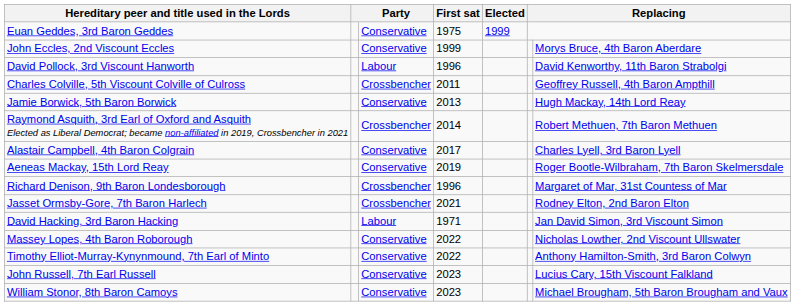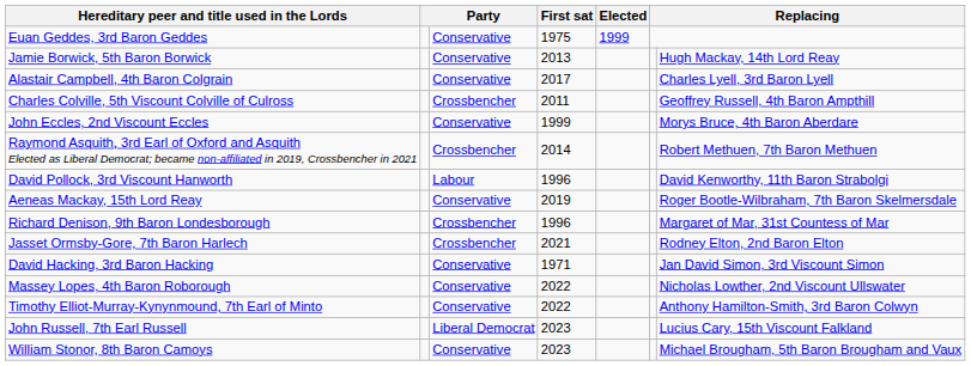 <table class="sortable wikitable">
 <tr>
 <th>Hereditary peer and title used in the Lords</th>
 <th class="unsortable"> </th>
 <th style="border-left-style: hidden;">Party</th>
 <th>First sat</th>
 <th>Elected</th>
 <th colspan=2>Replacing</th>
 </tr>
 <tr>
 <td><a href='#'>Euan Geddes, 3rd Baron Geddes</a></td>
 <td style="background-color: "></td>
 <td><a href='#'>Conservative</a></td>
 <td>1975</td>
 <td><a href='#'>1999</a></td>
 <td colspan=2></td>
 </tr>
 <tr>
-<td><a href='#'>John Eccles, 2nd Viscount Eccles</a><br></td>
+<td><a href='#'>Jamie Borwick, 5th Baron Borwick</a></td>
 <td style="background-color: "></td>
 <td><a href='#'>Conservative</a></td>
-<td>1999</td>
+<td>2013</td>
 <td></td>
 <td style="background-color: "></td>
-<td><a href='#'>Morys Bruce, 4th Baron Aberdare</a></td>
+<td><a href='#'>Hugh Mackay, 14th Lord Reay</a></td>
 </tr>
 <tr>
-<td><a href='#'>David Pollock, 3rd Viscount Hanworth</a><br></td>
+<td><a href='#'>Alastair Campbell, 4th Baron Colgrain</a></td>
 <td style="background-color: "></td>
-<td><a href='#'>Labour</a></td>
-<td>1996</td>
+<td><a href='#'>Conservative</a></td>
+<td>2017</td>
 <td></td>
 <td style="background-color: "></td>
-<td><a href='#'>David Kenworthy, 11th Baron Strabolgi</a></td>
+<td><a href='#'>Charles Lyell, 3rd Baron Lyell</a></td>
 </tr>
 <tr>
 <td><a href='#'>Charles Colville, 5th Viscount Colville of Culross</a></td>
 <td style="background-color: "></td>
 <td><a href='#'>Crossbencher</a></td>
 <td>2011</td>
 <td></td>
 <td style="background-color: "></td>
 <td><a href='#'>Geoffrey Russell, 4th Baron Ampthill</a></td>
 </tr>
 <tr>
-<td><a href='#'>Jamie Borwick, 5th Baron Borwick</a></td>
+<td><a href='#'>John Eccles, 2nd Viscount Eccles</a><br></td>
 <td style="background-color: "></td>
 <td><a href='#'>Conservative</a></td>
-<td>2013</td>
+<td>1999</td>
 <td></td>
 <td style="background-color: "></td>
-<td><a href='#'>Hugh Mackay, 14th Lord Reay</a></td>
+<td><a href='#'>Morys Bruce, 4th Baron Aberdare</a></td>
 </tr>
 <tr>
 <td><a href='#'>Raymond Asquith, 3rd Earl of Oxford and Asquith</a><br><small><em>Elected as Liberal Democrat; became <a href='#'>non-affiliated</a> in 2019, Crossbencher in 2021</em></small></td>
 <td style="background-color: "></td>
 <td><a href='#'>Crossbencher</a></td>
 <td>2014</td>
 <td></td>
 <td style="background-color: "></td>
 <td><a href='#'>Robert Methuen, 7th Baron Methuen</a></td>
 </tr>
 <tr>
-<td><a href='#'>Alastair Campbell, 4th Baron Colgrain</a></td>
+<td><a href='#'>David Pollock, 3rd Viscount Hanworth</a><br></td>
 <td style="background-color: "></td>
-<td><a href='#'>Conservative</a></td>
-<td>2017</td>
+<td><a href='#'>Labour</a></td>
+<td>1996</td>
 <td></td>
 <td style="background-color: "></td>
-<td><a href='#'>Charles Lyell, 3rd Baron Lyell</a></td>
+<td><a href='#'>David Kenworthy, 11th Baron Strabolgi</a></td>
 </tr>
 <tr>
 <td><a href='#'>Aeneas Mackay, 15th Lord Reay</a></td>
 <td style="background-color: "></td>
 <td><a href='#'>Conservative</a></td>
 <td>2019</td>
 <td></td>
 <td style="background-color: "></td>
 <td><a href='#'>Roger Bootle-Wilbraham, 7th Baron Skelmersdale</a></td>
 </tr>
 <tr>
 <td><a href='#'>Richard Denison, 9th Baron Londesborough</a><br></td>
 <td style="background-color: "></td>
 <td><a href='#'>Crossbencher</a></td>
 <td>1996</td>
 <td></td>
 <td style="background-color: "></td>
 <td><a href='#'>Margaret of Mar, 31st Countess of Mar</a></td>
 </tr>
 <tr>
 <td><a href='#'>Jasset Ormsby-Gore, 7th Baron Harlech</a></td>
 <td style="background-color: "></td>
 <td><a href='#'>Crossbencher</a></td>
 <td>2021</td>
 <td></td>
 <td style="background-color: "></td>
 <td><a href='#'>Rodney Elton, 2nd Baron Elton</a></td>
 </tr>
 <tr>
 <td><a href='#'>David Hacking, 3rd Baron Hacking</a><br></td>
 <td style="background-color: "></td>
-<td><a href='#'>Labour</a></td>
+<td><a href='#'>Conservative</a></td>
 <td>1971</td>
 <td></td>
 <td style="background-color: "></td>
 <td><a href='#'>Jan David Simon, 3rd Viscount Simon</a></td>
 </tr>
 <tr>
 <td><a href='#'>Massey Lopes, 4th Baron Roborough</a></td>
 <td style="background-color: "></td>
 <td><a href='#'>Conservative</a></td>
 <td>2022</td>
 <td></td>
 <td style="background-color: "></td>
 <td><a href='#'>Nicholas Lowther, 2nd Viscount Ullswater</a></td>
 </tr>
 <tr>
 <td><a href='#'>Timothy Elliot-Murray-Kynynmound, 7th Earl of Minto</a></td>
 <td style="background-color: "></td>
 <td><a href='#'>Conservative</a></td>
 <td>2022</td>
 <td></td>
 <td style="background-color: "></td>
 <td><a href='#'>Anthony Hamilton-Smith, 3rd Baron Colwyn</a></td>
 </tr>
 <tr>
 <td><a href='#'>John Russell, 7th Earl Russell</a></td>
 <td style="background-color: "></td>
-<td><a href='#'>Conservative</a></td>
+<td><a href='#'>Liberal Democrat</a></td>
 <td>2023</td>
 <td></td>
 <td style="background-color: "></td>
 <td><a href='#'>Lucius Cary, 15th Viscount Falkland</a></td>
 </tr>
 <tr>
 <td><a href='#'>William Stonor, 8th Baron Camoys</a></td>
 <td style="background-color: "></td>
 <td><a href='#'>Conservative</a></td>
 <td>2023</td>
 <td></td>
 <td style="background-color: "></td>
 <td><a href='#'>Michael Brougham, 5th Baron Brougham and Vaux</a></td>
 </tr>
 </table>
